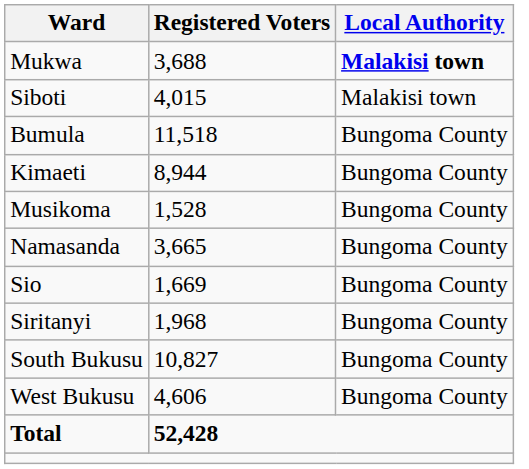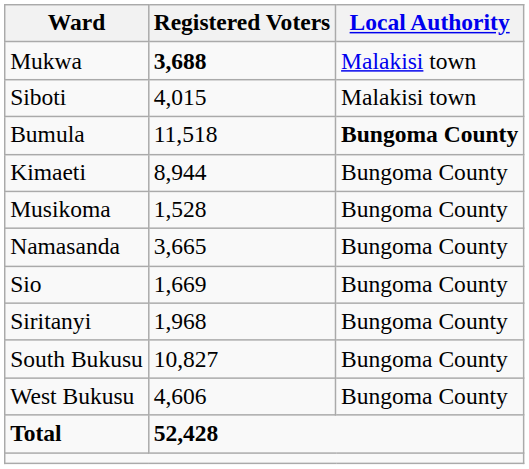 <table class="wikitable">
 <tr>
 <th>Ward</th>
 <th>Registered Voters</th>
 <th><a href='#'>Local Authority</a></th>
 </tr>
 <tr>
 <td>Mukwa</td>
-<td>3,688</td>
-<td><strong><a href='#'>Malakisi</a> town</strong></td>
+<td><strong>3,688</strong></td>
+<td><a href='#'>Malakisi</a> town</td>
 </tr>
 <tr>
 <td>Siboti</td>
 <td>4,015</td>
 <td>Malakisi town</td>
 </tr>
 <tr>
 <td>Bumula</td>
 <td>11,518</td>
-<td>Bungoma County</td>
+<td><strong>Bungoma County</strong></td>
 </tr>
 <tr>
 <td>Kimaeti</td>
 <td>8,944</td>
 <td>Bungoma County</td>
 </tr>
 <tr>
 <td>Musikoma</td>
 <td>1,528</td>
 <td>Bungoma County</td>
 </tr>
 <tr>
 <td>Namasanda</td>
 <td>3,665</td>
 <td>Bungoma County</td>
 </tr>
 <tr>
 <td>Sio</td>
 <td>1,669</td>
 <td>Bungoma County</td>
 </tr>
 <tr>
 <td>Siritanyi</td>
 <td>1,968</td>
 <td>Bungoma County</td>
 </tr>
 <tr Khasoko        ------    Bungoma county>
 <td>South Bukusu</td>
 <td>10,827</td>
 <td>Bungoma County</td>
 </tr>
 <tr>
 <td>West Bukusu</td>
 <td>4,606</td>
 <td>Bungoma County</td>
 </tr>
 <tr>
 <td><strong>Total</strong></td>
 <td colspan=2><strong>52,428</strong></td>
 </tr>
 <tr>
 <td colspan=3></td>
 </tr>
 </table>
